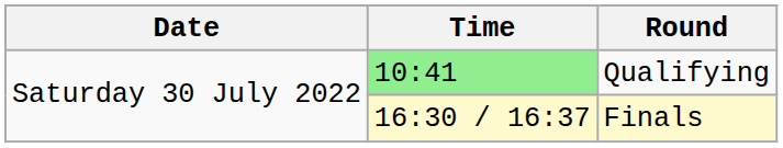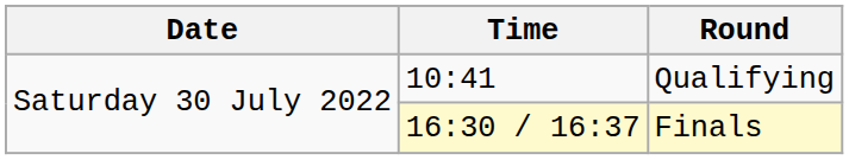 <table class="wikitable">
 <tr>
 <th>Date</th>
 <th>Time</th>
 <th>Round</th>
 </tr>
 <tr>
 <td rowspan=2>Saturday 30 July 2022</td>
-<td style="background: lightgreen;">10:41</td>
+<td>10:41</td>
 <td>Qualifying</td>
 </tr>
 <tr>
 <td style=background:lemonchiffon>16:30 / 16:37</td>
 <td style=background:lemonchiffon>Finals</td>
 </tr>
 </table>
